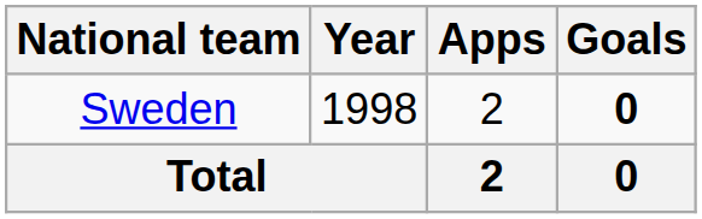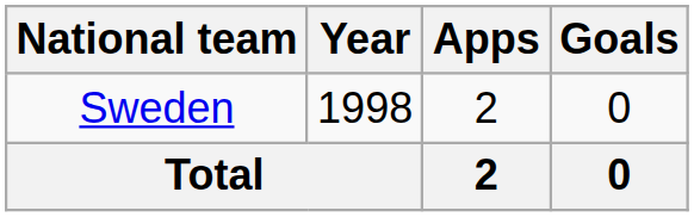 <table class="wikitable" style="text-align:center">
 <tr>
 <th>National team</th>
 <th>Year</th>
 <th>Apps</th>
 <th>Goals</th>
 </tr>
 <tr>
 <td><a href='#'>Sweden</a></td>
 <td>1998</td>
 <td>2</td>
-<td><strong>0</strong></td>
+<td>0</td>
 </tr>
 <tr>
 <th colspan="2">Total</th>
 <th>2</th>
 <th>0</th>
 </tr>
 </table>
